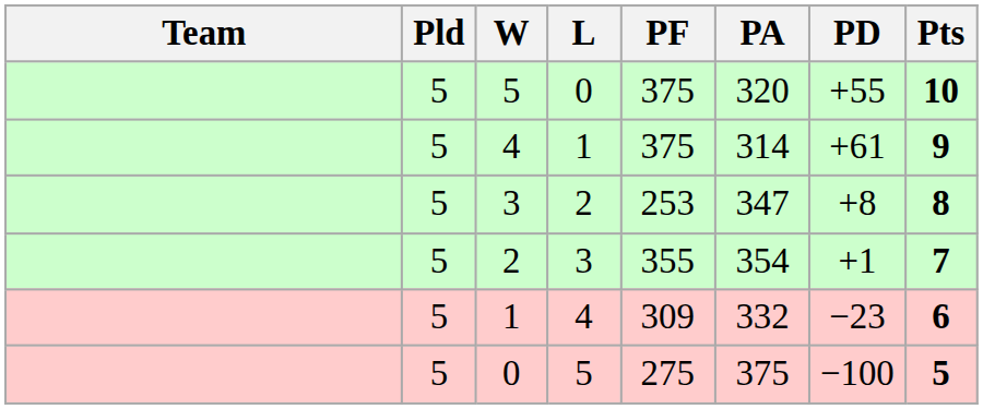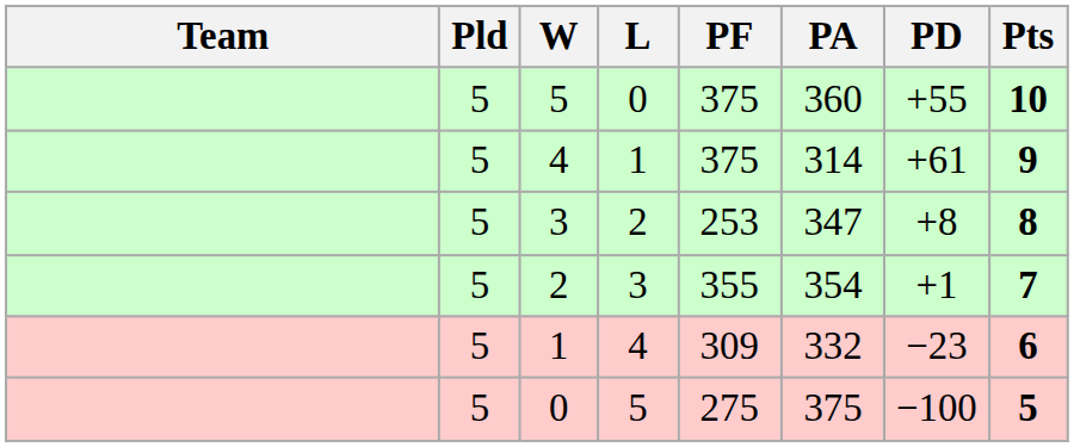 <table class="wikitable" style="text-align:center;">
 <tr>
 <th width=170>Team</th>
 <th width=25>Pld</th>
 <th width=25>W</th>
 <th width=25>L</th>
 <th width=35>PF</th>
 <th width=35>PA</th>
 <th width=35>PD</th>
 <th width=25>Pts</th>
 </tr>
 <tr bgcolor=ccffcc>
 <td align="left"></td>
 <td>5</td>
 <td>5</td>
 <td>0</td>
 <td>375</td>
-<td>320</td>
+<td>360</td>
 <td>+55</td>
 <td><strong>10</strong></td>
 </tr>
 <tr bgcolor=ccffcc>
 <td align="left"></td>
 <td>5</td>
 <td>4</td>
 <td>1</td>
 <td>375</td>
 <td>314</td>
 <td>+61</td>
 <td><strong>9</strong></td>
 </tr>
 <tr bgcolor=ccffcc>
 <td align="left"></td>
 <td>5</td>
 <td>3</td>
 <td>2</td>
 <td>253</td>
 <td>347</td>
 <td>+8</td>
 <td><strong>8</strong></td>
 </tr>
 <tr bgcolor=ccffcc>
 <td align="left"></td>
 <td>5</td>
 <td>2</td>
 <td>3</td>
 <td>355</td>
 <td>354</td>
 <td>+1</td>
 <td><strong>7</strong></td>
 </tr>
 <tr bgcolor=ffcccc>
 <td align="left"></td>
 <td>5</td>
 <td>1</td>
 <td>4</td>
 <td>309</td>
 <td>332</td>
 <td>−23</td>
 <td><strong>6</strong></td>
 </tr>
 <tr bgcolor=ffcccc>
 <td align="left"></td>
 <td>5</td>
 <td>0</td>
 <td>5</td>
 <td>275</td>
 <td>375</td>
 <td>−100</td>
 <td><strong>5</strong></td>
 </tr>
 </table>
